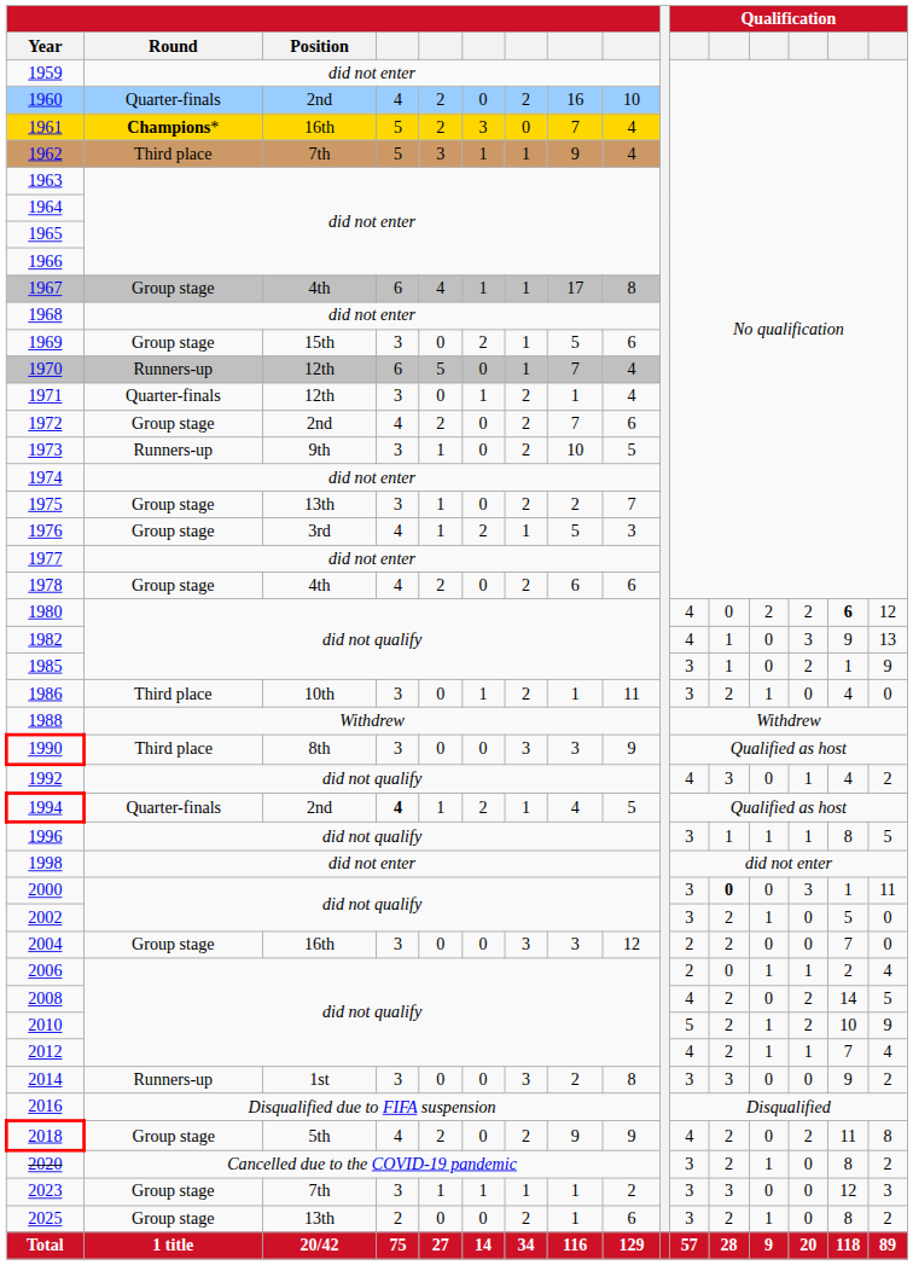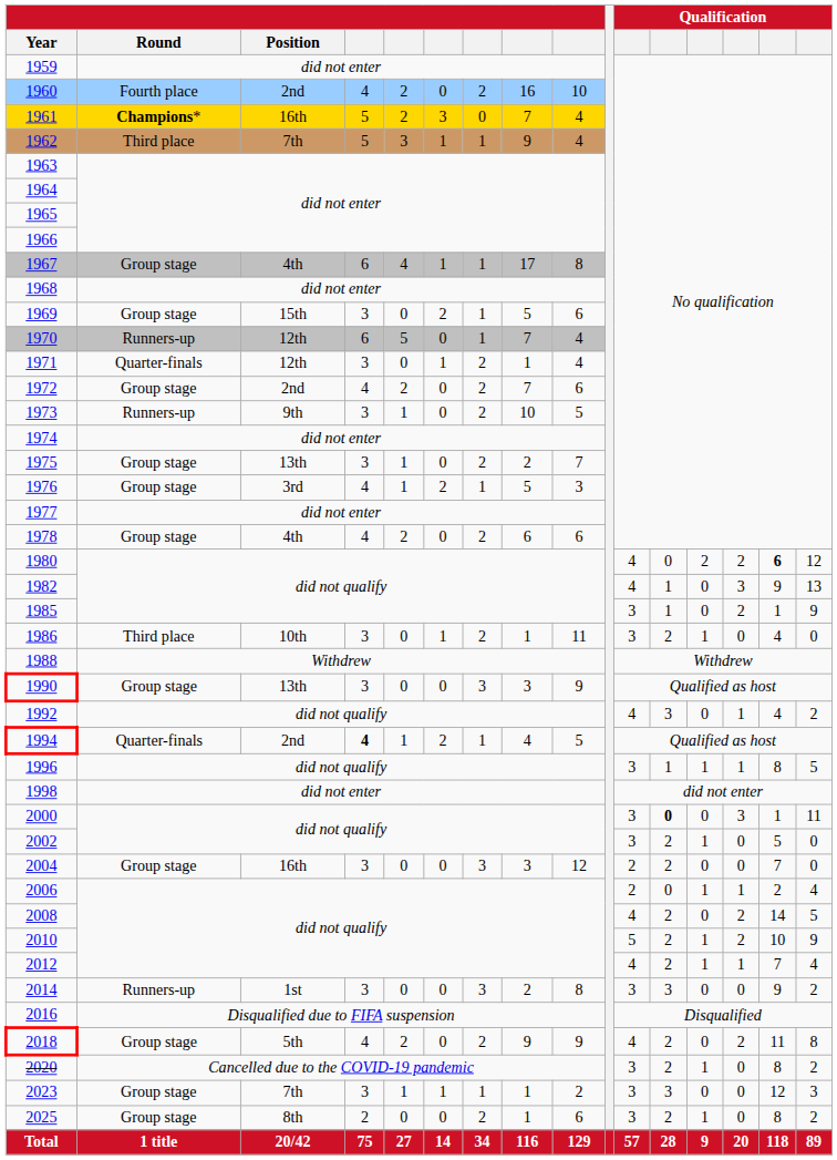 <table class="wikitable" style="text-align: center; width: 850px;">
 <tr>
 <th colspan=9 style="background: #CE1126; color: #FFFFFF;"><a href='#'></a></th>
 <th rowspan="45" style="width:1%;"></th>
 <th colspan=6 style="background: #CE1126; color: #FFFFFF;">Qualification</th>
 </tr>
 <tr>
 <th>Year</th>
 <th>Round</th>
 <th>Position</th>
 <th></th>
 <th></th>
 <th></th>
 <th></th>
 <th></th>
 <th></th>
 <th width=30></th>
 <th width=30></th>
 <th width=30></th>
 <th width=30></th>
 <th width=30></th>
 <th width=30></th>
 </tr>
 <tr>
 <td> <a href='#'>1959</a></td>
 <td colspan=8><em>did not enter</em></td>
 <td colspan=6 rowspan=20><em>No qualification</em></td>
 </tr>
 <tr style="background:#9acdff;">
 <td> <a href='#'>1960</a></td>
-<td>Quarter-finals</td>
+<td>Fourth place</td>
 <td>2nd</td>
 <td>4</td>
 <td>2</td>
 <td>0</td>
 <td>2</td>
 <td>16</td>
 <td>10</td>
 </tr>
 <tr bgcolor=gold>
 <td> <a href='#'>1961</a></td>
 <td><strong>Champions</strong>*</td>
 <td>16th</td>
 <td>5</td>
 <td>2</td>
 <td>3</td>
 <td>0</td>
 <td>7</td>
 <td>4</td>
 </tr>
 <tr bgcolor="#cc9966">
 <td> <a href='#'>1962</a></td>
 <td>Third place</td>
 <td>7th</td>
 <td>5</td>
 <td>3</td>
 <td>1</td>
 <td>1</td>
 <td>9</td>
 <td>4</td>
 </tr>
 <tr>
 <td> <a href='#'>1963</a></td>
 <td colspan=8 rowspan=4><em>did not enter</em></td>
 </tr>
 <tr>
 <td> <a href='#'>1964</a></td>
 </tr>
 <tr>
 <td> <a href='#'>1965</a></td>
 </tr>
 <tr>
 <td> <a href='#'>1966</a></td>
 </tr>
 <tr bgcolor=silver>
 <td> <a href='#'>1967</a></td>
 <td>Group stage</td>
 <td>4th</td>
 <td>6</td>
 <td>4</td>
 <td>1</td>
 <td>1</td>
 <td>17</td>
 <td>8</td>
 </tr>
 <tr>
 <td> <a href='#'>1968</a></td>
 <td colspan=8><em>did not enter</em></td>
 </tr>
 <tr>
 <td> <a href='#'>1969</a></td>
 <td>Group stage</td>
 <td>15th</td>
 <td>3</td>
 <td>0</td>
 <td>2</td>
 <td>1</td>
 <td>5</td>
 <td>6</td>
 </tr>
 <tr bgcolor=silver>
 <td> <a href='#'>1970</a></td>
 <td>Runners-up</td>
 <td>12th</td>
 <td>6</td>
 <td>5</td>
 <td>0</td>
 <td>1</td>
 <td>7</td>
 <td>4</td>
 </tr>
 <tr>
 <td> <a href='#'>1971</a></td>
 <td>Quarter-finals</td>
 <td>12th</td>
 <td>3</td>
 <td>0</td>
 <td>1</td>
 <td>2</td>
 <td>1</td>
 <td>4</td>
 </tr>
 <tr>
 <td> <a href='#'>1972</a></td>
 <td>Group stage</td>
 <td>2nd</td>
 <td>4</td>
 <td>2</td>
 <td>0</td>
 <td>2</td>
 <td>7</td>
 <td>6</td>
 </tr>
 <tr>
 <td> <a href='#'>1973</a></td>
 <td>Runners-up</td>
 <td>9th</td>
 <td>3</td>
 <td>1</td>
 <td>0</td>
 <td>2</td>
 <td>10</td>
 <td>5</td>
 </tr>
 <tr>
 <td> <a href='#'>1974</a></td>
 <td colspan=8><em>did not enter</em></td>
 </tr>
 <tr>
 <td> <a href='#'>1975</a></td>
 <td>Group stage</td>
 <td>13th</td>
 <td>3</td>
 <td>1</td>
 <td>0</td>
 <td>2</td>
 <td>2</td>
 <td>7</td>
 </tr>
 <tr>
 <td> <a href='#'>1976</a></td>
 <td>Group stage</td>
 <td>3rd</td>
 <td>4</td>
 <td>1</td>
 <td>2</td>
 <td>1</td>
 <td>5</td>
 <td>3</td>
 </tr>
 <tr>
 <td> <a href='#'>1977</a></td>
 <td colspan=8><em>did not enter</em></td>
 </tr>
 <tr>
 <td> <a href='#'>1978</a></td>
 <td>Group stage</td>
 <td>4th</td>
 <td>4</td>
 <td>2</td>
 <td>0</td>
 <td>2</td>
 <td>6</td>
 <td>6</td>
 </tr>
 <tr>
 <td> <a href='#'>1980</a></td>
 <td colspan=8 rowspan="3"><em>did not qualify</em></td>
 <td>4</td>
 <td>0</td>
 <td>2</td>
 <td>2</td>
 <td><strong>6</strong></td>
 <td>12</td>
 </tr>
 <tr>
 <td> <a href='#'>1982</a></td>
 <td>4</td>
 <td>1</td>
 <td>0</td>
 <td>3</td>
 <td>9</td>
 <td>13</td>
 </tr>
 <tr>
 <td> <a href='#'>1985</a></td>
 <td>3</td>
 <td>1</td>
 <td>0</td>
 <td>2</td>
 <td>1</td>
 <td>9</td>
 </tr>
 <tr>
 <td> <a href='#'>1986</a></td>
 <td>Third place</td>
 <td>10th</td>
 <td>3</td>
 <td>0</td>
 <td>1</td>
 <td>2</td>
 <td>1</td>
 <td>11</td>
 <td>3</td>
 <td>2</td>
 <td>1</td>
 <td>0</td>
 <td>4</td>
 <td>0</td>
 </tr>
 <tr>
 <td> <a href='#'>1988</a></td>
 <td colspan=8><em>Withdrew</em></td>
 <td colspan=6><em>Withdrew</em></td>
 </tr>
 <tr>
 <td style="border: 3px solid red"> <a href='#'>1990</a></td>
-<td>Third place</td>
-<td>8th</td>
+<td>Group stage</td>
+<td>13th</td>
 <td>3</td>
 <td>0</td>
 <td>0</td>
 <td>3</td>
 <td>3</td>
 <td>9</td>
 <td colspan=6><em>Qualified as host</em></td>
 </tr>
 <tr>
 <td> <a href='#'>1992</a></td>
 <td colspan=8><em>did not qualify</em></td>
 <td>4</td>
 <td>3</td>
 <td>0</td>
 <td>1</td>
 <td>4</td>
 <td>2</td>
 </tr>
 <tr>
 <td style="border: 3px solid red"> <a href='#'>1994</a></td>
 <td>Quarter-finals</td>
 <td>2nd</td>
 <td><strong>4</strong></td>
 <td>1</td>
 <td>2</td>
 <td>1</td>
 <td>4</td>
 <td>5</td>
 <td colspan=6><em>Qualified as host</em></td>
 </tr>
 <tr>
 <td> <a href='#'>1996</a></td>
 <td colspan=8><em>did not qualify</em></td>
 <td>3</td>
 <td>1</td>
 <td>1</td>
 <td>1</td>
 <td>8</td>
 <td>5</td>
 </tr>
 <tr>
 <td> <a href='#'>1998</a></td>
 <td colspan=8><em>did not enter</em></td>
 <td colspan=6><em>did not enter</em></td>
 </tr>
 <tr>
 <td> <a href='#'>2000</a></td>
 <td colspan=8 rowspan="2"><em>did not qualify</em></td>
 <td>3</td>
 <td><strong>0</strong></td>
 <td>0</td>
 <td>3</td>
 <td>1</td>
 <td>11</td>
 </tr>
 <tr>
 <td> <a href='#'>2002</a></td>
 <td>3</td>
 <td>2</td>
 <td>1</td>
 <td>0</td>
 <td>5</td>
 <td>0</td>
 </tr>
 <tr>
 <td> <a href='#'>2004</a></td>
 <td>Group stage</td>
 <td>16th</td>
 <td>3</td>
 <td>0</td>
 <td>0</td>
 <td>3</td>
 <td>3</td>
 <td>12</td>
 <td>2</td>
 <td>2</td>
 <td>0</td>
 <td>0</td>
 <td>7</td>
 <td>0</td>
 </tr>
 <tr>
 <td> <a href='#'>2006</a></td>
 <td colspan=8 rowspan="4"><em>did not qualify</em></td>
 <td>2</td>
 <td>0</td>
 <td>1</td>
 <td>1</td>
 <td>2</td>
 <td>4</td>
 </tr>
 <tr>
 <td> <a href='#'>2008</a></td>
 <td>4</td>
 <td>2</td>
 <td>0</td>
 <td>2</td>
 <td>14</td>
 <td>5</td>
 </tr>
 <tr>
 <td> <a href='#'>2010</a></td>
 <td>5</td>
 <td>2</td>
 <td>1</td>
 <td>2</td>
 <td>10</td>
 <td>9</td>
 </tr>
 <tr>
 <td> <a href='#'>2012</a></td>
 <td>4</td>
 <td>2</td>
 <td>1</td>
 <td>1</td>
 <td>7</td>
 <td>4</td>
 </tr>
 <tr>
 <td> <a href='#'>2014</a></td>
 <td>Runners-up</td>
 <td>1st</td>
 <td>3</td>
 <td>0</td>
 <td>0</td>
 <td>3</td>
 <td>2</td>
 <td>8</td>
 <td>3</td>
 <td>3</td>
 <td>0</td>
 <td>0</td>
 <td>9</td>
 <td>2</td>
 </tr>
 <tr>
 <td> <a href='#'>2016</a></td>
 <td colspan=8><em>Disqualified due to <a href='#'>FIFA</a> suspension</em></td>
 <td colspan="6"><em>Disqualified</em></td>
 </tr>
 <tr>
 <td style="border: 3px solid red"> <a href='#'>2018</a></td>
 <td>Group stage</td>
 <td>5th</td>
 <td>4</td>
 <td>2</td>
 <td>0</td>
 <td>2</td>
 <td>9</td>
 <td>9</td>
 <td>4</td>
 <td>2</td>
 <td>0</td>
 <td>2</td>
 <td>11</td>
 <td>8</td>
 </tr>
 <tr>
 <td> <s><a href='#'>2020</a></s></td>
 <td colspan=8><em>Cancelled due to the <a href='#'>COVID-19 pandemic</a></em></td>
 <td>3</td>
 <td>2</td>
 <td>1</td>
 <td>0</td>
 <td>8</td>
 <td>2</td>
 </tr>
 <tr>
 <td> <a href='#'>2023</a></td>
 <td>Group stage</td>
 <td>7th</td>
 <td>3</td>
 <td>1</td>
 <td>1</td>
 <td>1</td>
 <td>1</td>
 <td>2</td>
 <td>3</td>
 <td>3</td>
 <td>0</td>
 <td>0</td>
 <td>12</td>
 <td>3</td>
 </tr>
 <tr>
 <td> <a href='#'>2025</a></td>
 <td>Group stage</td>
-<td>13th</td>
+<td>8th</td>
 <td>2</td>
 <td>0</td>
 <td>0</td>
 <td>2</td>
 <td>1</td>
 <td>6</td>
 <td>3</td>
 <td>2</td>
 <td>1</td>
 <td>0</td>
 <td>8</td>
 <td>2</td>
 </tr>
 <tr style="background: #CE1126; color: #FFFFFF;" |>
 <td><strong>Total</strong></td>
 <td><strong>1 title</strong></td>
 <td><strong>20/42</strong></td>
 <td><strong>75</strong></td>
 <td><strong>27</strong></td>
 <td><strong>14</strong></td>
 <td><strong>34</strong></td>
 <td><strong>116</strong></td>
 <td><strong>129</strong></td>
 <td></td>
 <td><strong>57</strong></td>
 <td><strong>28</strong></td>
 <td><strong>9</strong></td>
 <td><strong>20</strong></td>
 <td><strong>118</strong></td>
 <td><strong>89</strong></td>
 </tr>
 </table>
